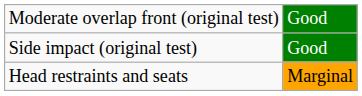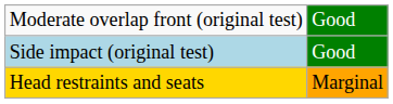 <table class="wikitable">
 <tr>
 <td>Moderate overlap front (original test)</td>
 <td colspan="2" style="color:white;background: green">Good</td>
 </tr>
 <tr>
-<td>Side impact (original test)</td>
+<td style="background: lightblue;">Side impact (original test)</td>
 <td colspan="2" style="color:white;background: green">Good</td>
 </tr>
 <tr>
-<td>Head restraints and seats</td>
+<td style="background: gold;">Head restraints and seats</td>
 <td colspan="2" style="color:black;background:orange">Marginal</td>
 </tr>
 </table>
